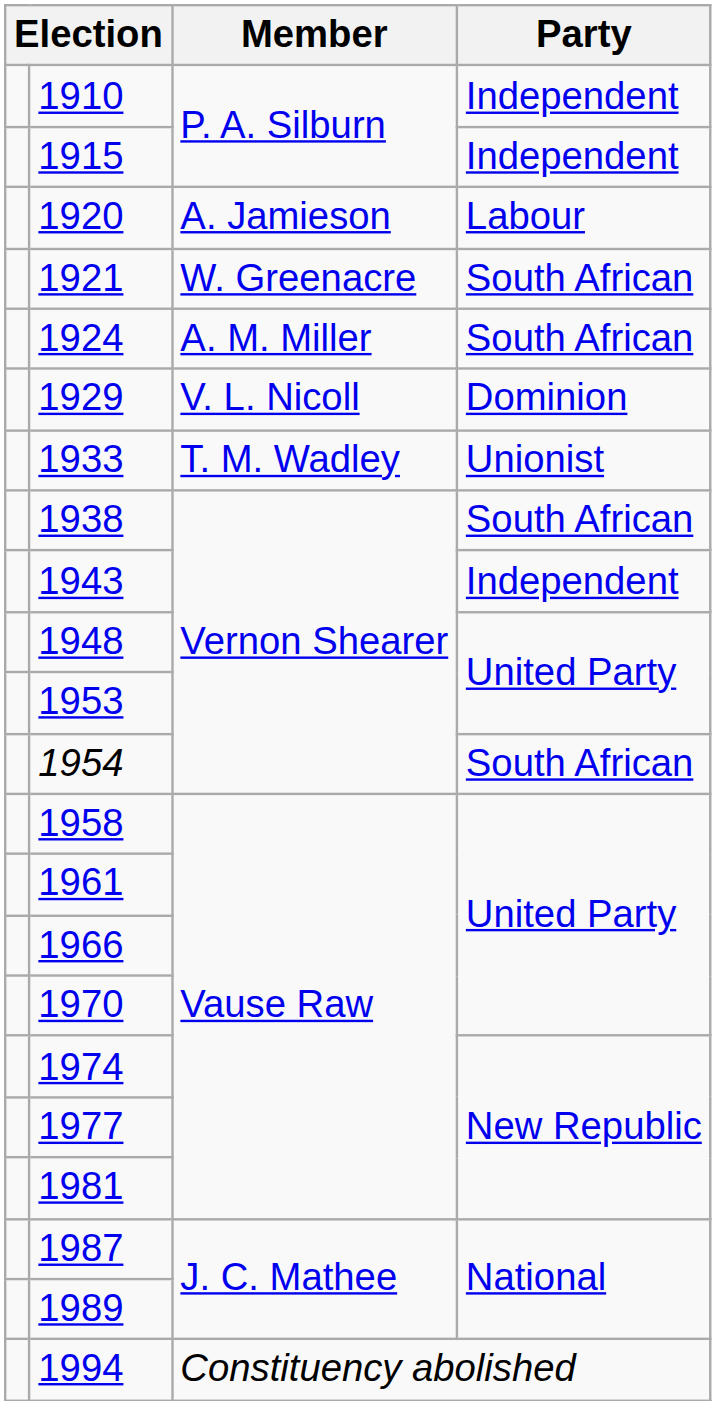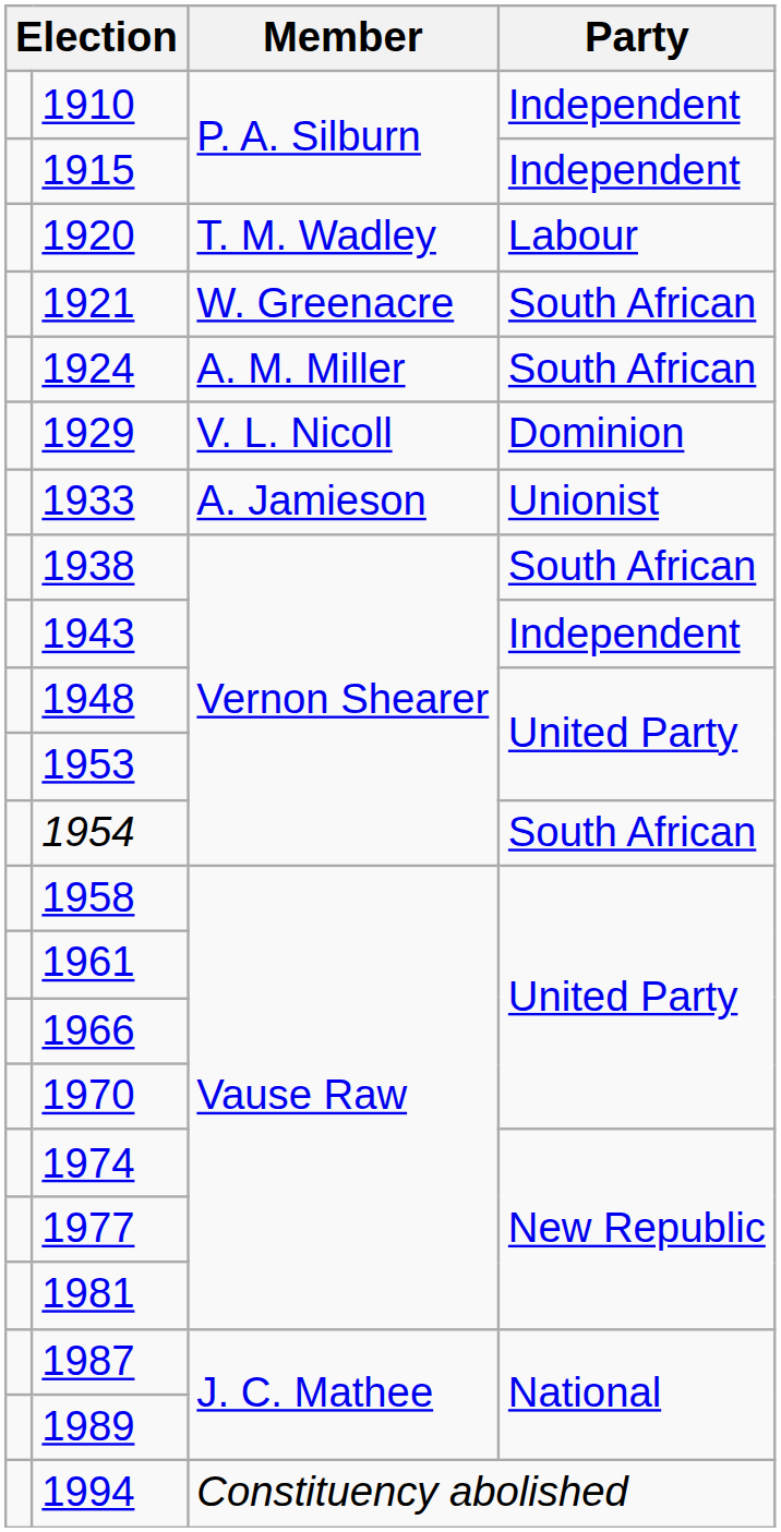 <table class="wikitable">
 <tr>
 <th colspan="2">Election</th>
 <th>Member</th>
 <th>Party</th>
 </tr>
 <tr>
 <td style="background-color: "></td>
 <td><a href='#'>1910</a></td>
 <td rowspan="2"><a href='#'>P. A. Silburn</a></td>
 <td><a href='#'>Independent</a></td>
 </tr>
 <tr>
 <td style="background-color: "></td>
 <td><a href='#'>1915</a></td>
 <td><a href='#'>Independent</a></td>
 </tr>
 <tr>
 <td style="background-color: "></td>
 <td><a href='#'>1920</a></td>
-<td><a href='#'>A. Jamieson</a></td>
+<td><a href='#'>T. M. Wadley</a></td>
 <td><a href='#'>Labour</a></td>
 </tr>
 <tr>
 <td style="background-color: "></td>
 <td><a href='#'>1921</a></td>
 <td><a href='#'>W. Greenacre</a></td>
 <td><a href='#'>South African</a></td>
 </tr>
 <tr>
 <td style="background-color: "></td>
 <td><a href='#'>1924</a></td>
 <td><a href='#'>A. M. Miller</a></td>
 <td><a href='#'>South African</a></td>
 </tr>
 <tr>
 <td style="background-color: "></td>
 <td><a href='#'>1929</a></td>
 <td><a href='#'>V. L. Nicoll</a></td>
 <td><a href='#'>Dominion</a></td>
 </tr>
 <tr>
 <td style="background-color: "></td>
 <td><a href='#'>1933</a></td>
-<td><a href='#'>T. M. Wadley</a></td>
+<td><a href='#'>A. Jamieson</a></td>
 <td><a href='#'>Unionist</a></td>
 </tr>
 <tr>
 <td style="background-color: "></td>
 <td><a href='#'>1938</a></td>
 <td rowspan="5"><a href='#'>Vernon Shearer</a></td>
 <td><a href='#'>South African</a></td>
 </tr>
 <tr>
 <td style="background-color: "></td>
 <td><a href='#'>1943</a></td>
 <td><a href='#'>Independent</a></td>
 </tr>
 <tr>
 <td style="background-color: "></td>
 <td><a href='#'>1948</a></td>
 <td rowspan="2"><a href='#'>United Party</a></td>
 </tr>
 <tr>
 <td style="background-color: "></td>
 <td><a href='#'>1953</a></td>
 </tr>
 <tr>
 <td style="background-color: "></td>
 <td><em>1954</em></td>
 <td><a href='#'>South African</a></td>
 </tr>
 <tr>
 <td style="background-color: "></td>
 <td><a href='#'>1958</a></td>
 <td rowspan="7"><a href='#'>Vause Raw</a></td>
 <td rowspan="4"><a href='#'>United Party</a></td>
 </tr>
 <tr>
 <td style="background-color: "></td>
 <td><a href='#'>1961</a></td>
 </tr>
 <tr>
 <td style="background-color: "></td>
 <td><a href='#'>1966</a></td>
 </tr>
 <tr>
 <td style="background-color: "></td>
 <td><a href='#'>1970</a></td>
 </tr>
 <tr>
 <td style="background-color: "></td>
 <td><a href='#'>1974</a></td>
 <td rowspan="3"><a href='#'>New Republic</a></td>
 </tr>
 <tr>
 <td style="background-color: "></td>
 <td><a href='#'>1977</a></td>
 </tr>
 <tr>
 <td style="background-color: "></td>
 <td><a href='#'>1981</a></td>
 </tr>
 <tr>
 <td style="background-color: "></td>
 <td><a href='#'>1987</a></td>
 <td rowspan="2"><a href='#'>J. C. Mathee</a></td>
 <td rowspan="2"><a href='#'>National</a></td>
 </tr>
 <tr>
 <td style="background-color: "></td>
 <td><a href='#'>1989</a></td>
 </tr>
 <tr>
 <td style="background-color: "></td>
 <td><a href='#'>1994</a></td>
 <td colspan="2"><em>Constituency abolished</em></td>
 </tr>
 <tr>
 </tr>
 </table>
